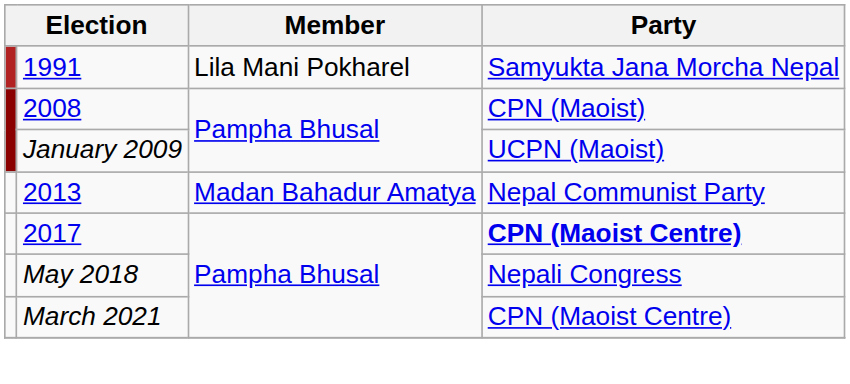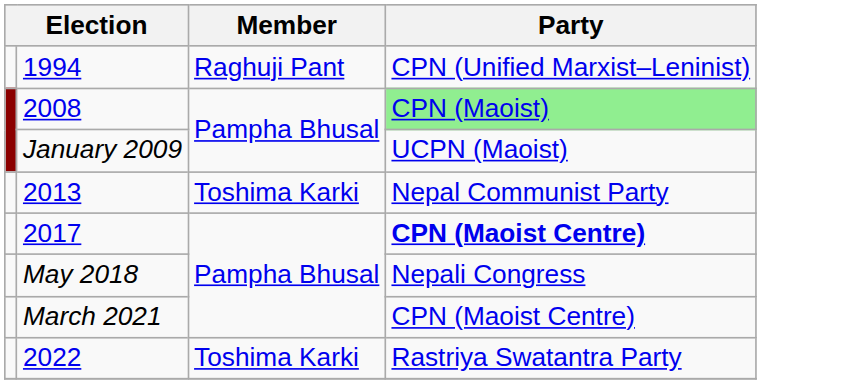 <table class="wikitable">
 <tr>
 <th colspan="2">Election</th>
 <th>Member</th>
 <th>Party</th>
 </tr>
 <tr>
-<td style="background-color:firebrick"></td>
-<td><a href='#'>1991</a></td>
-<td>Lila Mani Pokharel</td>
-<td><a href='#'>Samyukta Jana Morcha Nepal</a></td>
+<td style="background-color:"></td>
+<td><a href='#'>1994</a></td>
+<td><a href='#'>Raghuji Pant</a></td>
+<td><a href='#'>CPN (Unified Marxist–Leninist)</a></td>
 </tr>
 <tr>
 <td rowspan="2" style="background-color:darkred"></td>
 <td><a href='#'>2008</a></td>
 <td rowspan="2"><a href='#'>Pampha Bhusal</a></td>
-<td><a href='#'>CPN (Maoist)</a></td>
+<td style="background: lightgreen;"><a href='#'>CPN (Maoist)</a></td>
 </tr>
 <tr>
 <td><em>January 2009</em></td>
 <td><a href='#'>UCPN (Maoist)</a></td>
 </tr>
 <tr>
 <td style="background-color:"></td>
 <td><a href='#'>2013</a></td>
-<td><a href='#'>Madan Bahadur Amatya</a></td>
+<td><a href='#'>Toshima Karki</a></td>
 <td><a href='#'>Nepal Communist Party</a></td>
 </tr>
 <tr>
 <td style="background-color:"></td>
 <td><a href='#'>2017</a></td>
 <td rowspan="3"><a href='#'>Pampha Bhusal</a></td>
 <td><strong><a href='#'>CPN (Maoist Centre)</a></strong></td>
 </tr>
 <tr>
 <td style="background-color:"></td>
 <td><em>May 2018</em></td>
 <td><a href='#'>Nepali Congress</a></td>
 </tr>
 <tr>
 <td></td>
 <td><em>March 2021</em></td>
 <td><a href='#'>CPN (Maoist Centre)</a></td>
 </tr>
 <tr>
+<td></td>
+<td><a href='#'>2022</a></td>
+<td><a href='#'>Toshima Karki</a></td>
+<td><a href='#'>Rastriya Swatantra Party</a></td>
+</tr>
+<tr>
 </tr>
 </table>
